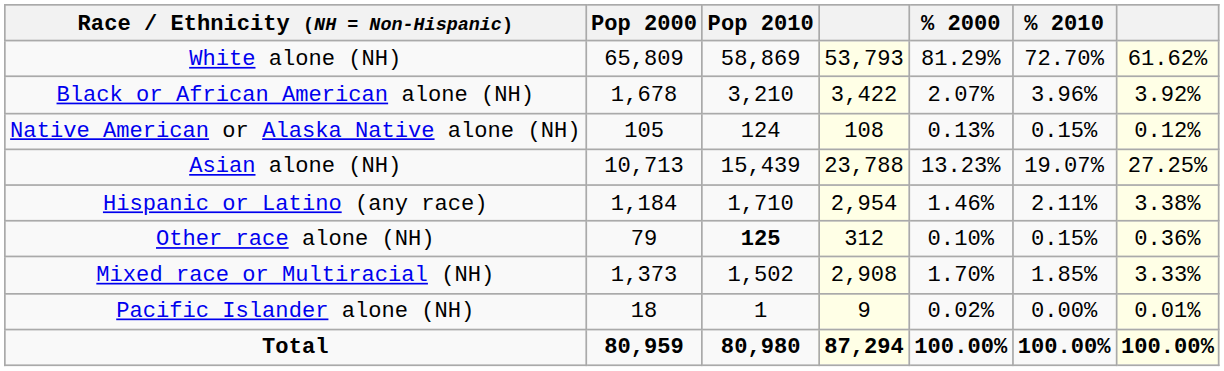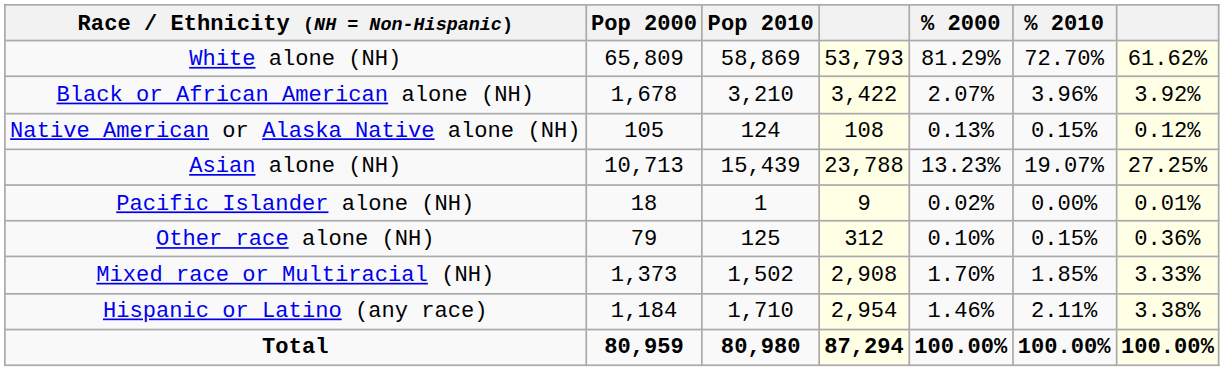 <table class="wikitable" style="text-align:center;">
 <tr>
 <th>Race / Ethnicity <small>(<em>NH = Non-Hispanic</em>)</small></th>
 <th>Pop 2000</th>
 <th>Pop 2010</th>
 <th></th>
 <th>% 2000</th>
 <th>% 2010</th>
 <th></th>
 </tr>
 <tr>
 <td><a href='#'>White</a> alone (NH)</td>
 <td>65,809</td>
 <td>58,869</td>
 <td style='background: #ffffe6;'>53,793</td>
 <td>81.29%</td>
 <td>72.70%</td>
 <td style='background: #ffffe6;'>61.62%</td>
 </tr>
 <tr>
 <td><a href='#'>Black or African American</a> alone (NH)</td>
 <td>1,678</td>
 <td>3,210</td>
 <td style='background: #ffffe6;'>3,422</td>
 <td>2.07%</td>
 <td>3.96%</td>
 <td style='background: #ffffe6;'>3.92%</td>
 </tr>
 <tr>
 <td><a href='#'>Native American</a> or <a href='#'>Alaska Native</a> alone (NH)</td>
 <td>105</td>
 <td>124</td>
 <td style='background: #ffffe6;'>108</td>
 <td>0.13%</td>
 <td>0.15%</td>
 <td style='background: #ffffe6;'>0.12%</td>
 </tr>
 <tr>
 <td><a href='#'>Asian</a> alone (NH)</td>
 <td>10,713</td>
 <td>15,439</td>
 <td style='background: #ffffe6;'>23,788</td>
 <td>13.23%</td>
 <td>19.07%</td>
 <td style='background: #ffffe6;'>27.25%</td>
 </tr>
 <tr>
-<td><a href='#'>Hispanic or Latino</a> (any race)</td>
-<td>1,184</td>
-<td>1,710</td>
-<td style='background: #ffffe6;'>2,954</td>
-<td>1.46%</td>
-<td>2.11%</td>
-<td style='background: #ffffe6;'>3.38%</td>
+<td><a href='#'>Pacific Islander</a> alone (NH)</td>
+<td>18</td>
+<td>1</td>
+<td style='background: #ffffe6;'>9</td>
+<td>0.02%</td>
+<td>0.00%</td>
+<td style='background: #ffffe6;'>0.01%</td>
 </tr>
 <tr>
 <td><a href='#'>Other race</a> alone (NH)</td>
 <td>79</td>
-<td><strong>125</strong></td>
+<td>125</td>
 <td style='background: #ffffe6;'>312</td>
 <td>0.10%</td>
 <td>0.15%</td>
 <td style='background: #ffffe6;'>0.36%</td>
 </tr>
 <tr>
 <td><a href='#'>Mixed race or Multiracial</a> (NH)</td>
 <td>1,373</td>
 <td>1,502</td>
 <td style='background: #ffffe6;'>2,908</td>
 <td>1.70%</td>
 <td>1.85%</td>
 <td style='background: #ffffe6;'>3.33%</td>
 </tr>
 <tr>
-<td><a href='#'>Pacific Islander</a> alone (NH)</td>
-<td>18</td>
-<td>1</td>
-<td style='background: #ffffe6;'>9</td>
-<td>0.02%</td>
-<td>0.00%</td>
-<td style='background: #ffffe6;'>0.01%</td>
+<td><a href='#'>Hispanic or Latino</a> (any race)</td>
+<td>1,184</td>
+<td>1,710</td>
+<td style='background: #ffffe6;'>2,954</td>
+<td>1.46%</td>
+<td>2.11%</td>
+<td style='background: #ffffe6;'>3.38%</td>
 </tr>
 <tr>
 <td><strong>Total</strong></td>
 <td><strong>80,959</strong></td>
 <td><strong>80,980</strong></td>
 <td style='background: #ffffe6;'><strong>87,294</strong></td>
 <td><strong>100.00%</strong></td>
 <td><strong>100.00%</strong></td>
 <td style='background: #ffffe6;'><strong>100.00%</strong></td>
 </tr>
 </table>
